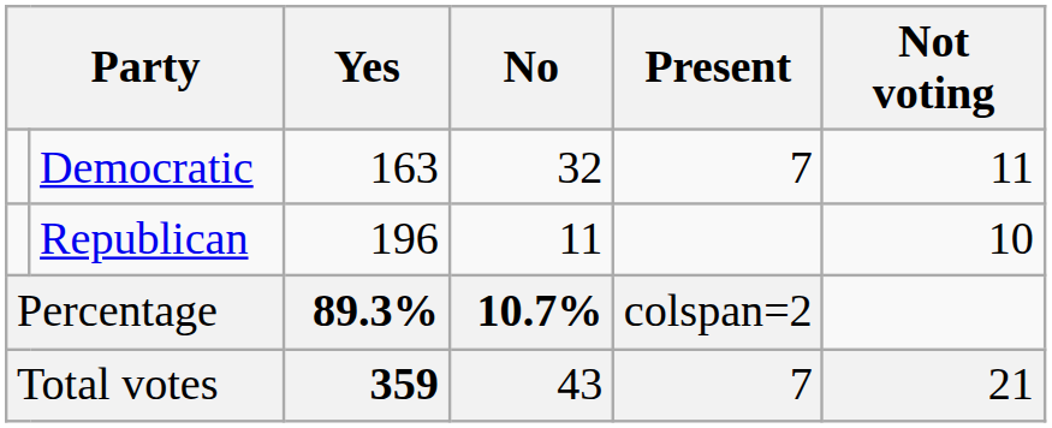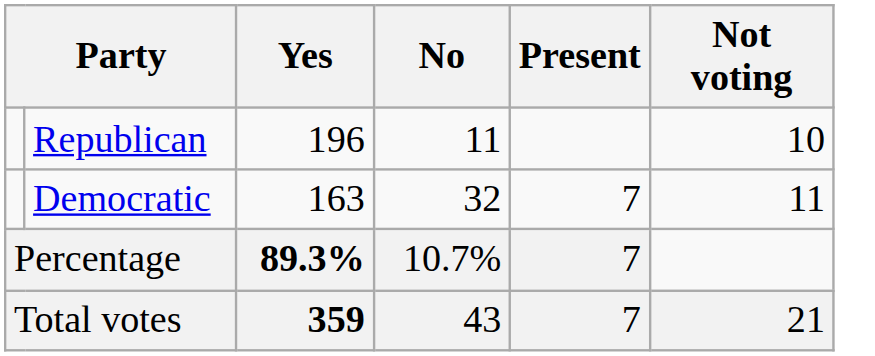 <table class="wikitable" style="margin-right: 1em; background: #f9f9f9; text-align: right;">
 <tr>
 <th colspan="2" scope="col" style="width: 90px">Party</th>
 <th scope="col" style="width: 50px">Yes</th>
 <th scope="col" style="width: 50px">No</th>
 <th scope="col" style="width: 50px">Present</th>
 <th scope="col" style="width: 70px">Not voting</th>
 </tr>
 <tr>
 <td scope="row" style="background-color:"></td>
+<td scope="row" style="text-align: left;"><a href='#'>Republican</a></td>
+<td>196</td>
+<td>11</td>
+<td></td>
+<td>10</td>
+</tr>
+<tr>
+<td scope="row" style="background-color:"></td>
 <td scope="row" style="text-align: left;"><a href='#'>Democratic</a></td>
 <td>163</td>
 <td>32</td>
 <td>7</td>
 <td>11</td>
 </tr>
-<tr>
-<td scope="row" style="background-color:"></td>
-<td scope="row" style="text-align: left;"><a href='#'>Republican</a></td>
-<td>196</td>
-<td>11</td>
-<td></td>
-<td>10</td>
-</tr>
 <tr class="tfoot" style="background:#f2f2f2;"|>
 <td scope="row" colspan="2" style="text-align:left;">Percentage</td>
 <td><strong>89.3%</strong></td>
-<td><strong>10.7%</strong></td>
-<td>colspan=2 </td>
+<td>10.7%</td>
+<td>7</td>
 </tr>
 <tr class="tfoot" style="background:#f2f2f2;">
 <td scope="row" colspan="2" style="text-align:left;">Total votes</td>
 <td> <strong>359</strong></td>
 <td>43</td>
 <td>7</td>
 <td>21</td>
 </tr>
 </table>
